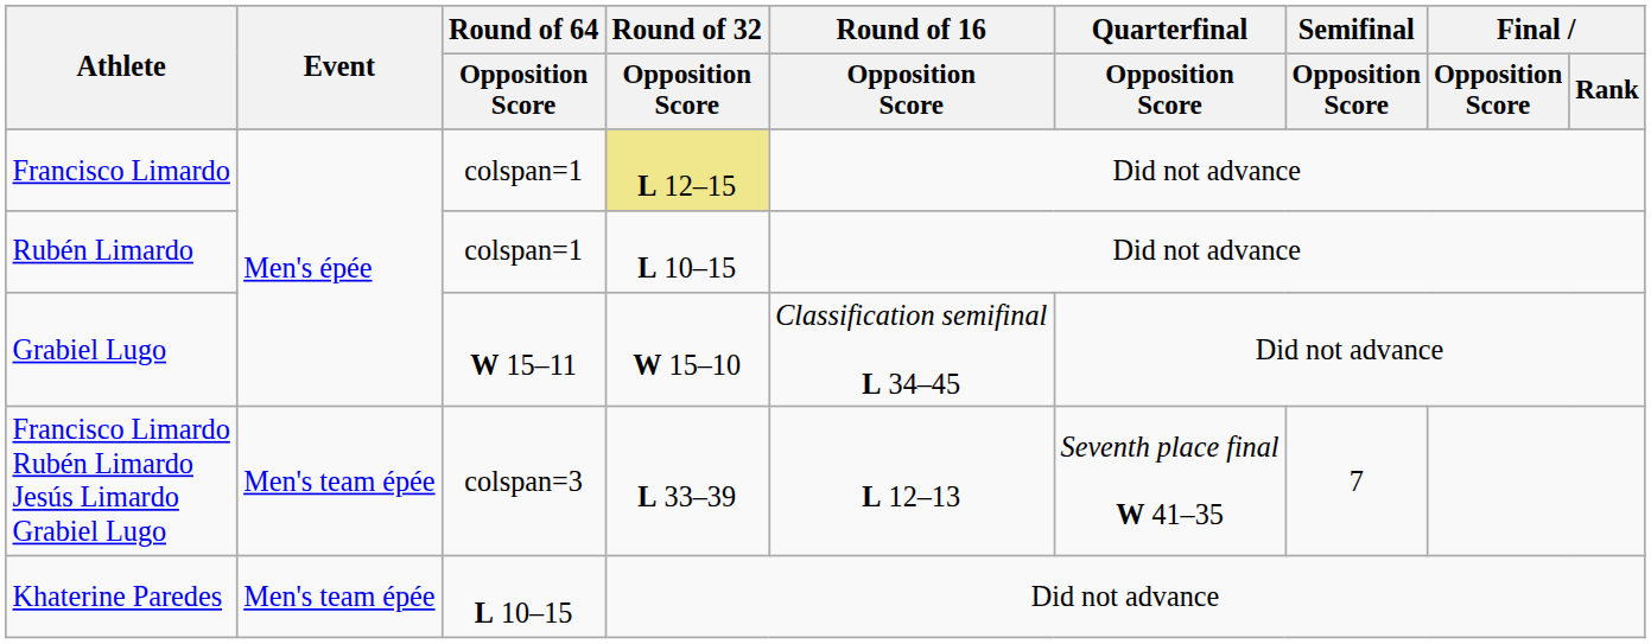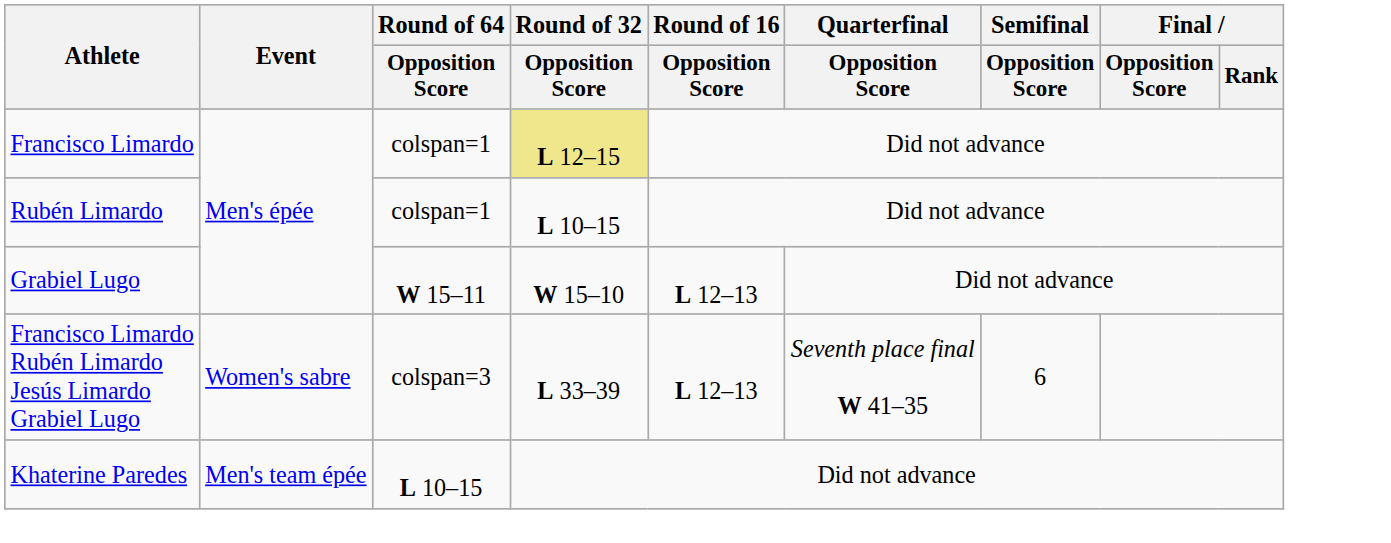 <table class="wikitable" style="font-size:90%">
 <tr>
 <th rowspan="2">Athlete</th>
 <th rowspan="2">Event</th>
 <th>Round of 64</th>
 <th>Round of 32</th>
 <th>Round of 16</th>
 <th>Quarterfinal</th>
 <th>Semifinal</th>
 <th colspan=2>Final / </th>
 </tr>
 <tr style="font-size:95%">
 <th>Opposition <br> Score</th>
 <th>Opposition <br> Score</th>
 <th>Opposition <br> Score</th>
 <th>Opposition <br> Score</th>
 <th>Opposition <br> Score</th>
 <th>Opposition <br> Score</th>
 <th>Rank</th>
 </tr>
 <tr align=center>
 <td align=left><a href='#'>Francisco Limardo</a></td>
 <td align=left rowspan=3><a href='#'>Men's épée</a></td>
 <td>colspan=1 </td>
 <td style="background: khaki;"><br><strong>L</strong> 12–15</td>
 <td colspan=5>Did not advance</td>
 </tr>
 <tr align=center>
 <td align=left><a href='#'>Rubén Limardo</a></td>
 <td>colspan=1 </td>
 <td><br><strong>L</strong> 10–15</td>
 <td colspan=5>Did not advance</td>
 </tr>
 <tr align=center>
 <td align=left><a href='#'>Grabiel Lugo</a></td>
 <td><br><strong>W</strong> 15–11</td>
 <td><br><strong>W</strong> 15–10</td>
-<td><em>Classification semifinal</em><br><br><strong>L</strong> 34–45</td>
+<td><br><strong>L</strong> 12–13</td>
 <td colspan=4>Did not advance</td>
 </tr>
 <tr align=center>
 <td align=left><a href='#'>Francisco Limardo</a><br><a href='#'>Rubén Limardo</a><br><a href='#'>Jesús Limardo</a><br><a href='#'>Grabiel Lugo</a></td>
-<td align=left><a href='#'>Men's team épée</a></td>
+<td align=left><a href='#'>Women's sabre</a></td>
 <td>colspan=3 </td>
 <td><br><strong>L</strong> 33–39</td>
 <td><br><strong>L</strong> 12–13</td>
 <td><em>Seventh place final</em><br><br><strong>W</strong> 41–35</td>
-<td>7</td>
+<td>6</td>
 </tr>
 <tr align=center>
 <td align=left><a href='#'>Khaterine Paredes</a></td>
 <td align=left><a href='#'>Men's team épée</a></td>
 <td><br><strong>L</strong> 10–15</td>
 <td colspan="6">Did not advance</td>
 </tr>
 </table>
